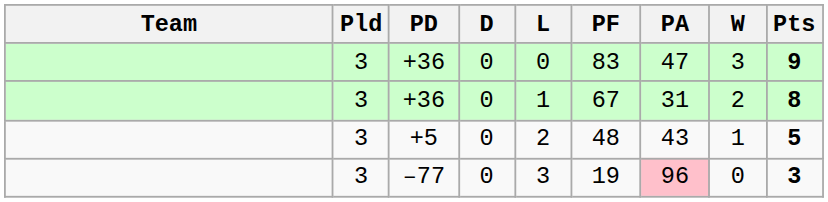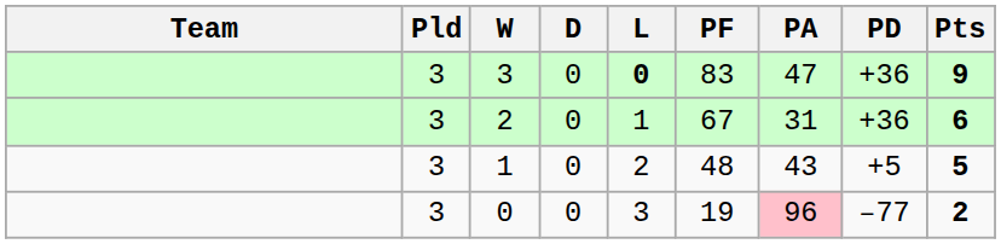 <table class="wikitable" style="text-align:center;">
 <tr>
 <th width=175>Team</th>
 <th width=25 abbr="Played">Pld</th>
-<th width=32 abbr="Points difference">PD</th>
+<th width=25 abbr="Won">W</th>
 <th width=25 abbr="Drawn">D</th>
 <th width=25 abbr="Lost">L</th>
 <th width=32 abbr="Points for">PF</th>
 <th width=32 abbr="Points against">PA</th>
-<th width=25 abbr="Won">W</th>
+<th width=32 abbr="Points difference">PD</th>
 <th width=25 abbr="Points">Pts</th>
 </tr>
 <tr bgcolor=ccffcc>
 <td align=left></td>
 <td>3</td>
-<td>+36</td>
+<td>3</td>
 <td>0</td>
-<td>0</td>
+<td><strong>0</strong></td>
 <td>83</td>
 <td>47</td>
-<td>3</td>
+<td>+36</td>
 <td><strong>9</strong></td>
 </tr>
 <tr bgcolor=ccffcc>
 <td align=left></td>
 <td>3</td>
-<td>+36</td>
+<td>2</td>
 <td>0</td>
 <td>1</td>
 <td>67</td>
 <td>31</td>
-<td>2</td>
-<td><strong>8</strong></td>
+<td>+36</td>
+<td><strong>6</strong></td>
 </tr>
 <tr>
 <td align=left></td>
 <td>3</td>
-<td>+5</td>
+<td>1</td>
 <td>0</td>
 <td>2</td>
 <td>48</td>
 <td>43</td>
-<td>1</td>
+<td>+5</td>
 <td><strong>5</strong></td>
 </tr>
 <tr>
 <td align=left></td>
 <td>3</td>
-<td>–77</td>
+<td>0</td>
 <td>0</td>
 <td>3</td>
 <td>19</td>
 <td style="background: pink;">96</td>
-<td>0</td>
-<td><strong>3</strong></td>
+<td>–77</td>
+<td><strong>2</strong></td>
 </tr>
 </table>
